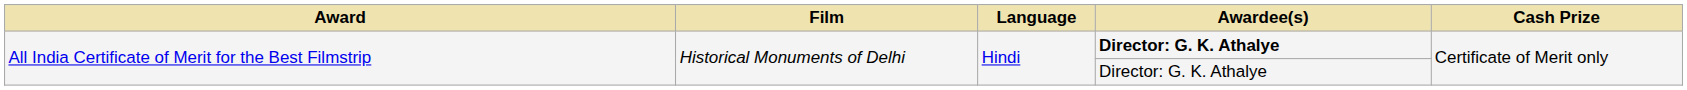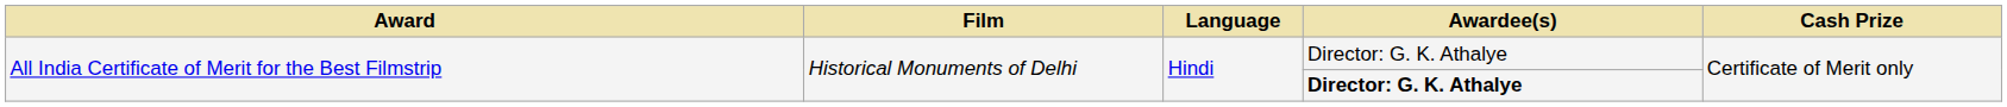 <table class="wikitable sortable" style="width:100%">
 <tr>
 <th style="background-color:#EFE4B0;width:40%;">Award</th>
 <th style="background-color:#EFE4B0;width:18%;">Film</th>
 <th style="background-color:#EFE4B0;width:7%;">Language</th>
 <th style="background-color:#EFE4B0;width:20%;">Awardee(s)</th>
 <th style="background-color:#EFE4B0;width:15%;">Cash Prize</th>
 </tr>
 <tr style="background-color:#F4F4F4">
 <td rowspan="2"><a href='#'>All India Certificate of Merit for the Best Filmstrip</a></td>
 <td rowspan="2"><em>Historical Monuments of Delhi</em></td>
 <td rowspan="2"><a href='#'>Hindi</a></td>
-<td><strong>Director: G. K. Athalye</strong></td>
+<td>Director: G. K. Athalye</td>
 <td rowspan="2">Certificate of Merit only</td>
 </tr>
 <tr style="background-color:#F4F4F4">
-<td>Director: G. K. Athalye</td>
+<td><strong>Director: G. K. Athalye</strong></td>
 </tr>
 </table>
